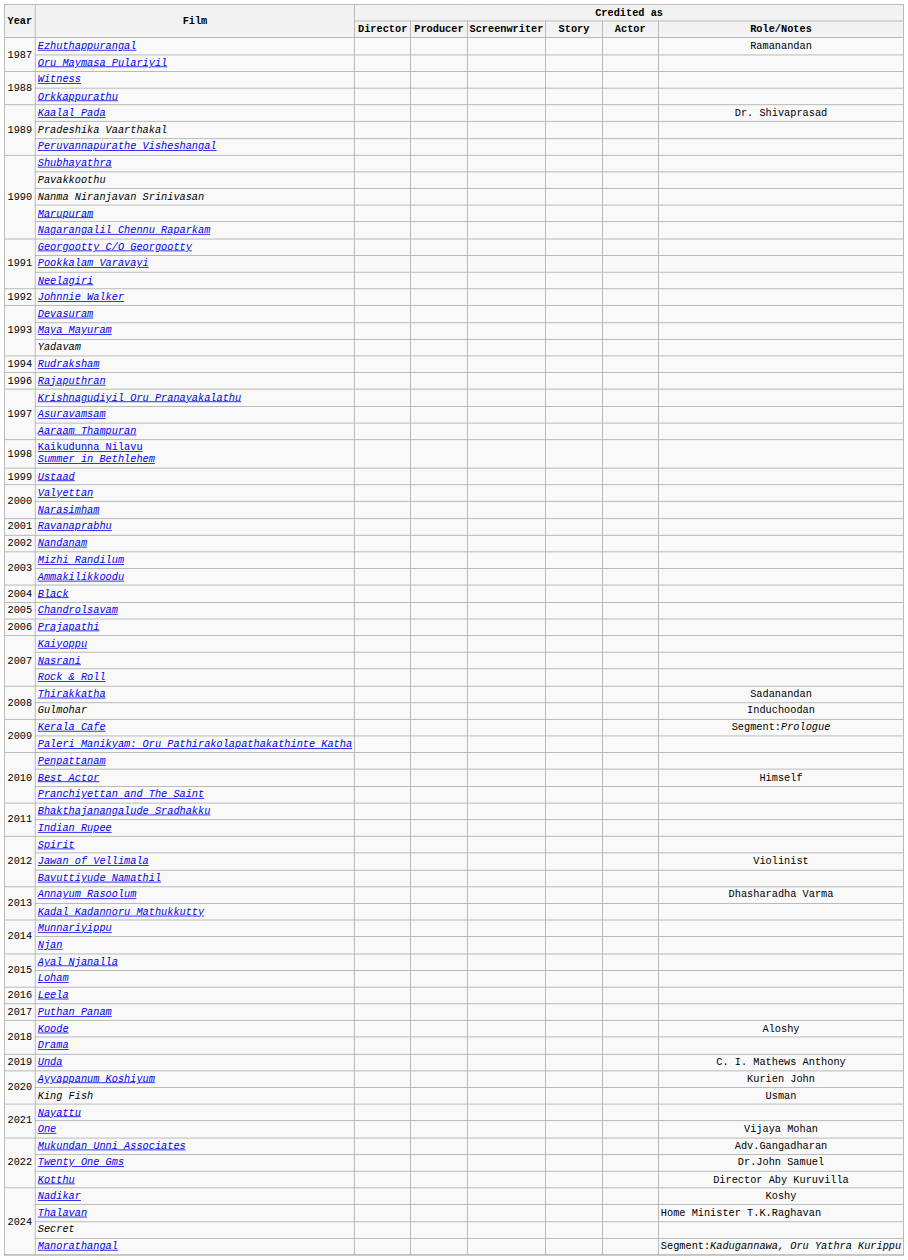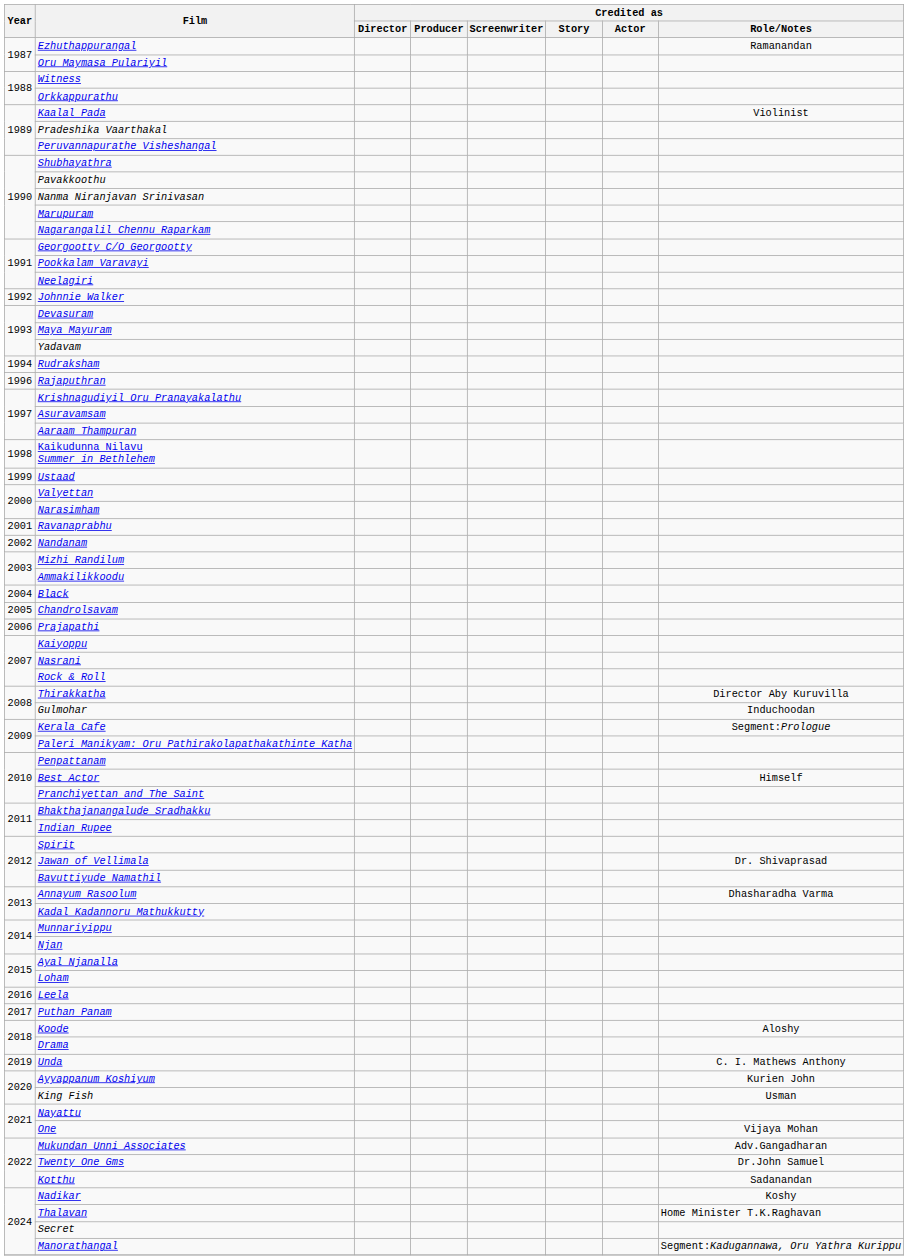 <table class="wikitable sortable">
 <tr>
 <th scope="col" rowspan="2" style="width:33px;">Year</th>
 <th scope="col" rowspan="2">Film</th>
 <th scope="colgroup" colspan="6">Credited as</th>
 </tr>
 <tr>
 <th scope="col" width=65>Director</th>
 <th scope="col" width=65>Producer</th>
 <th scope="col" width=65>Screenwriter</th>
 <th scope="col" width=65>Story</th>
 <th scope="col" width=65>Actor</th>
 <th scope="col">Role/Notes</th>
 </tr>
 <tr style="text-align:center;">
 <td rowspan="2">1987</td>
 <td style="text-align:left;"><em><a href='#'>Ezhuthappurangal</a></em></td>
 <td></td>
 <td></td>
 <td></td>
 <td></td>
 <td></td>
 <td>Ramanandan</td>
 </tr>
 <tr style="text-align:center;">
 <td style="text-align:left;"><em><a href='#'>Oru Maymasa Pulariyil</a></em></td>
 <td></td>
 <td></td>
 <td></td>
 <td></td>
 <td></td>
 <td></td>
 </tr>
 <tr style="text-align:center;">
 <td rowspan="2">1988</td>
 <td style="text-align:left;"><em><a href='#'>Witness</a></em></td>
 <td></td>
 <td></td>
 <td></td>
 <td></td>
 <td></td>
 <td></td>
 </tr>
 <tr>
 <td><em><a href='#'>Orkkappurathu</a></em></td>
 <td></td>
 <td></td>
 <td></td>
 <td></td>
 <td></td>
 <td></td>
 </tr>
 <tr style="text-align:center;">
 <td rowspan="3">1989</td>
 <td style="text-align:left;"><em><a href='#'>Kaalal Pada</a></em></td>
 <td></td>
 <td></td>
 <td></td>
 <td></td>
 <td></td>
-<td>Dr. Shivaprasad</td>
+<td>Violinist</td>
 </tr>
 <tr style="text-align:center;">
 <td style="text-align:left;"><em>Pradeshika Vaarthakal</em></td>
 <td></td>
 <td></td>
 <td></td>
 <td></td>
 <td></td>
 <td></td>
 </tr>
 <tr style="text-align:center;">
 <td style="text-align:left;"><em><a href='#'>Peruvannapurathe Visheshangal</a></em></td>
 <td></td>
 <td></td>
 <td></td>
 <td></td>
 <td></td>
 <td></td>
 </tr>
 <tr style="text-align:center;">
 <td rowspan="5">1990</td>
 <td style="text-align:left;"><em><a href='#'>Shubhayathra</a></em></td>
 <td></td>
 <td></td>
 <td></td>
 <td></td>
 <td></td>
 <td></td>
 </tr>
 <tr style="text-align:center;">
 <td style="text-align:left;"><em>Pavakkoothu</em></td>
 <td></td>
 <td></td>
 <td></td>
 <td></td>
 <td></td>
 <td></td>
 </tr>
 <tr style="text-align:center;">
 <td style="text-align:left;"><em>Nanma Niranjavan Srinivasan</em></td>
 <td></td>
 <td></td>
 <td></td>
 <td></td>
 <td></td>
 <td></td>
 </tr>
 <tr style="text-align:center;">
 <td style="text-align:left;"><em><a href='#'>Marupuram</a></em></td>
 <td></td>
 <td></td>
 <td></td>
 <td></td>
 <td></td>
 <td></td>
 </tr>
 <tr style="text-align:center;">
 <td style="text-align:left;"><em><a href='#'>Nagarangalil Chennu Raparkam</a></em></td>
 <td></td>
 <td></td>
 <td></td>
 <td></td>
 <td></td>
 <td></td>
 </tr>
 <tr style="text-align:center;">
 <td rowspan="3">1991</td>
 <td style="text-align:left;"><em><a href='#'>Georgootty C/O Georgootty</a></em></td>
 <td></td>
 <td></td>
 <td></td>
 <td></td>
 <td></td>
 <td></td>
 </tr>
 <tr style="text-align:center;">
 <td style="text-align:left;"><em><a href='#'>Pookkalam Varavayi</a></em></td>
 <td></td>
 <td></td>
 <td></td>
 <td></td>
 <td></td>
 <td></td>
 </tr>
 <tr style="text-align:center;">
 <td style="text-align:left;"><em><a href='#'>Neelagiri</a></em></td>
 <td></td>
 <td></td>
 <td></td>
 <td></td>
 <td></td>
 <td></td>
 </tr>
 <tr style="text-align:center;">
 <td>1992</td>
 <td style="text-align:left;"><em><a href='#'>Johnnie Walker</a></em></td>
 <td></td>
 <td></td>
 <td></td>
 <td></td>
 <td></td>
 <td></td>
 </tr>
 <tr style="text-align:center;">
 <td rowspan="3">1993</td>
 <td style="text-align:left;"><em><a href='#'>Devasuram</a></em></td>
 <td></td>
 <td></td>
 <td></td>
 <td></td>
 <td></td>
 <td></td>
 </tr>
 <tr style="text-align:center;">
 <td style="text-align:left;"><em><a href='#'>Maya Mayuram</a></em></td>
 <td></td>
 <td></td>
 <td></td>
 <td></td>
 <td></td>
 <td></td>
 </tr>
 <tr style="text-align:center;">
 <td style="text-align:left;"><em>Yadavam</em></td>
 <td></td>
 <td></td>
 <td></td>
 <td></td>
 <td></td>
 <td></td>
 </tr>
 <tr style="text-align:center;">
 <td>1994</td>
 <td style="text-align:left;"><em><a href='#'>Rudraksham</a></em></td>
 <td></td>
 <td></td>
 <td></td>
 <td></td>
 <td></td>
 <td></td>
 </tr>
 <tr style="text-align:center;">
 <td>1996</td>
 <td style="text-align:left;"><em><a href='#'>Rajaputhran</a></em></td>
 <td></td>
 <td></td>
 <td></td>
 <td></td>
 <td></td>
 <td></td>
 </tr>
 <tr style="text-align:center;">
 <td rowspan="3">1997</td>
 <td style="text-align:left;"><em><a href='#'>Krishnagudiyil Oru Pranayakalathu</a></em></td>
 <td></td>
 <td></td>
 <td></td>
 <td></td>
 <td></td>
 <td></td>
 </tr>
 <tr style="text-align:center;">
 <td style="text-align:left;"><em><a href='#'>Asuravamsam</a></em></td>
 <td></td>
 <td></td>
 <td></td>
 <td></td>
 <td></td>
 <td></td>
 </tr>
 <tr style="text-align:center;">
 <td style="text-align:left;"><em><a href='#'>Aaraam Thampuran</a></em></td>
 <td></td>
 <td></td>
 <td></td>
 <td></td>
 <td></td>
 <td></td>
 </tr>
 <tr style="text-align:center;">
 <td>1998</td>
 <td style="text-align:left;"><a href='#'>Kaikudunna Nilavu</a><br><em><a href='#'>Summer in Bethlehem</a></em></td>
 <td></td>
 <td></td>
 <td></td>
 <td></td>
 <td></td>
 <td></td>
 </tr>
 <tr style="text-align:center;">
 <td>1999</td>
 <td style="text-align:left;"><em><a href='#'>Ustaad</a></em></td>
 <td></td>
 <td></td>
 <td></td>
 <td></td>
 <td></td>
 <td></td>
 </tr>
 <tr style="text-align:center;">
 <td rowspan="2">2000</td>
 <td style="text-align:left;"><em><a href='#'>Valyettan</a></em></td>
 <td></td>
 <td></td>
 <td></td>
 <td></td>
 <td></td>
 <td></td>
 </tr>
 <tr style="text-align:center;">
 <td style="text-align:left;"><em> <a href='#'>Narasimham</a></em></td>
 <td></td>
 <td></td>
 <td></td>
 <td></td>
 <td></td>
 <td></td>
 </tr>
 <tr style="text-align:center;">
 <td>2001</td>
 <td style="text-align:left;"><em><a href='#'>Ravanaprabhu</a></em></td>
 <td></td>
 <td></td>
 <td></td>
 <td></td>
 <td></td>
 <td></td>
 </tr>
 <tr style="text-align:center;">
 <td>2002</td>
 <td style="text-align:left;"><em><a href='#'>Nandanam</a></em></td>
 <td></td>
 <td></td>
 <td></td>
 <td></td>
 <td></td>
 <td></td>
 </tr>
 <tr style="text-align:center;">
 <td rowspan="2">2003</td>
 <td style="text-align:left;"><em><a href='#'>Mizhi Randilum</a> </em></td>
 <td></td>
 <td></td>
 <td></td>
 <td></td>
 <td></td>
 <td></td>
 </tr>
 <tr style="text-align:center;">
 <td style="text-align:left;"><em><a href='#'>Ammakilikkoodu</a></em></td>
 <td></td>
 <td></td>
 <td></td>
 <td></td>
 <td></td>
 <td></td>
 </tr>
 <tr style="text-align:center;">
 <td>2004</td>
 <td style="text-align:left;"><em><a href='#'>Black</a></em></td>
 <td></td>
 <td></td>
 <td></td>
 <td></td>
 <td></td>
 <td></td>
 </tr>
 <tr style="text-align:center;">
 <td>2005</td>
 <td style="text-align:left;"><em><a href='#'>Chandrolsavam</a></em></td>
 <td></td>
 <td></td>
 <td></td>
 <td></td>
 <td></td>
 <td></td>
 </tr>
 <tr style="text-align:center;">
 <td>2006</td>
 <td style="text-align:left;"><em><a href='#'>Prajapathi</a></em></td>
 <td></td>
 <td></td>
 <td></td>
 <td></td>
 <td></td>
 <td></td>
 </tr>
 <tr style="text-align:center;">
 <td rowspan="3">2007</td>
 <td style="text-align:left;"><em><a href='#'>Kaiyoppu</a></em></td>
 <td></td>
 <td></td>
 <td></td>
 <td></td>
 <td></td>
 <td></td>
 </tr>
 <tr style="text-align:center;">
 <td style="text-align:left;"><em><a href='#'>Nasrani</a></em></td>
 <td></td>
 <td></td>
 <td></td>
 <td></td>
 <td></td>
 <td></td>
 </tr>
 <tr style="text-align:center;">
 <td style="text-align:left;"><em><a href='#'>Rock & Roll</a></em></td>
 <td></td>
 <td></td>
 <td></td>
 <td></td>
 <td></td>
 <td></td>
 </tr>
 <tr style="text-align:center;">
 <td rowspan="2">2008</td>
 <td style="text-align:left;"><em><a href='#'>Thirakkatha</a></em></td>
 <td></td>
 <td></td>
 <td></td>
 <td></td>
 <td></td>
-<td>Sadanandan</td>
+<td>Director Aby Kuruvilla</td>
 </tr>
 <tr style="text-align:center;">
 <td style="text-align:left;"><em>Gulmohar</em></td>
 <td></td>
 <td></td>
 <td></td>
 <td></td>
 <td></td>
 <td>Induchoodan</td>
 </tr>
 <tr style="text-align:center;">
 <td rowspan="2">2009</td>
 <td style="text-align:left;"><em><a href='#'>Kerala Cafe</a></em></td>
 <td></td>
 <td></td>
 <td></td>
 <td></td>
 <td></td>
 <td>Segment:<em>Prologue</em></td>
 </tr>
 <tr style="text-align:center;">
 <td style="text-align:left;"><em><a href='#'>Paleri Manikyam: Oru Pathirakolapathakathinte Katha</a></em></td>
 <td></td>
 <td></td>
 <td></td>
 <td></td>
 <td></td>
 <td></td>
 </tr>
 <tr style="text-align:center;">
 <td rowspan="3">2010</td>
 <td style="text-align:left;"><em><a href='#'>Penpattanam</a></em></td>
 <td></td>
 <td></td>
 <td></td>
 <td></td>
 <td></td>
 <td></td>
 </tr>
 <tr style="text-align:center;">
 <td style="text-align:left;"><em><a href='#'>Best Actor</a></em></td>
 <td></td>
 <td></td>
 <td></td>
 <td></td>
 <td></td>
 <td>Himself</td>
 </tr>
 <tr style="text-align:center;">
 <td style="text-align:left;"><em><a href='#'>Pranchiyettan and The Saint</a></em></td>
 <td></td>
 <td></td>
 <td></td>
 <td></td>
 <td></td>
 <td></td>
 </tr>
 <tr style="text-align:center;">
 <td rowspan="2">2011</td>
 <td style="text-align:left;"><em><a href='#'>Bhakthajanangalude Sradhakku</a></em></td>
 <td></td>
 <td></td>
 <td></td>
 <td></td>
 <td></td>
 <td></td>
 </tr>
 <tr style="text-align:center;">
 <td style="text-align:left;"><em><a href='#'>Indian Rupee</a></em></td>
 <td></td>
 <td></td>
 <td></td>
 <td></td>
 <td></td>
 <td></td>
 </tr>
 <tr style="text-align:center;">
 <td rowspan="3">2012</td>
 <td style="text-align:left;"><em><a href='#'>Spirit</a></em></td>
 <td></td>
 <td></td>
 <td></td>
 <td></td>
 <td></td>
 <td></td>
 </tr>
 <tr style="text-align:center;">
 <td style="text-align:left;"><em><a href='#'>Jawan of Vellimala</a></em></td>
 <td></td>
 <td></td>
 <td></td>
 <td></td>
 <td></td>
-<td>Violinist</td>
+<td>Dr. Shivaprasad</td>
 </tr>
 <tr style="text-align:center;">
 <td style="text-align:left;"><em><a href='#'>Bavuttiyude Namathil</a></em></td>
 <td></td>
 <td></td>
 <td></td>
 <td></td>
 <td></td>
 <td></td>
 </tr>
 <tr style="text-align:center;">
 <td rowspan="2">2013</td>
 <td style="text-align:left;"><em><a href='#'>Annayum Rasoolum</a></em></td>
 <td></td>
 <td></td>
 <td></td>
 <td></td>
 <td></td>
 <td>Dhasharadha Varma</td>
 </tr>
 <tr style="text-align:center;">
 <td style="text-align:left;"><em><a href='#'>Kadal Kadannoru Mathukkutty</a></em></td>
 <td></td>
 <td></td>
 <td></td>
 <td></td>
 <td></td>
 <td></td>
 </tr>
 <tr style="text-align:center;">
 <td rowspan="2">2014</td>
 <td style="text-align:left;"><em><a href='#'>Munnariyippu</a></em></td>
 <td></td>
 <td></td>
 <td></td>
 <td></td>
 <td></td>
 <td></td>
 </tr>
 <tr style="text-align:center;">
 <td style="text-align:left;"><em><a href='#'>Njan</a></em></td>
 <td></td>
 <td></td>
 <td></td>
 <td></td>
 <td></td>
 <td></td>
 </tr>
 <tr style="text-align:center;">
 <td rowspan="2">2015</td>
 <td style="text-align:left;"><em><a href='#'>Ayal Njanalla</a></em></td>
 <td></td>
 <td></td>
 <td></td>
 <td></td>
 <td></td>
 <td></td>
 </tr>
 <tr style="text-align:center;">
 <td style="text-align:left;"><em><a href='#'>Loham</a></em></td>
 <td></td>
 <td></td>
 <td></td>
 <td></td>
 <td></td>
 <td></td>
 </tr>
 <tr style="text-align:center;">
 <td align="centre">2016</td>
 <td style="text-align:left;"><em><a href='#'>Leela</a></em></td>
 <td></td>
 <td></td>
 <td></td>
 <td></td>
 <td></td>
 <td></td>
 </tr>
 <tr style="text-align:center;">
 <td align="centre">2017</td>
 <td style="text-align:left;"><em><a href='#'>Puthan Panam</a></em></td>
 <td></td>
 <td></td>
 <td></td>
 <td></td>
 <td></td>
 <td></td>
 </tr>
 <tr style="text-align:center;">
 <td align="centre" rowspan=2>2018</td>
 <td style="text-align:left;"><em><a href='#'>Koode</a></em></td>
 <td></td>
 <td></td>
 <td></td>
 <td></td>
 <td></td>
 <td>Aloshy</td>
 </tr>
 <tr style="text-align:center;">
 <td style="text-align:left;"><em><a href='#'>Drama</a></em></td>
 <td></td>
 <td></td>
 <td></td>
 <td></td>
 <td></td>
 <td></td>
 </tr>
 <tr style="text-align:center;">
 <td align="centre">2019</td>
 <td style="text-align:left;"><em><a href='#'>Unda</a></em></td>
 <td></td>
 <td></td>
 <td></td>
 <td></td>
 <td></td>
 <td>C. I. Mathews Anthony</td>
 </tr>
 <tr style="text-align:center;">
 <td rowspan="2">2020</td>
 <td style="text-align:left;"><em><a href='#'>Ayyappanum Koshiyum</a></em></td>
 <td></td>
 <td></td>
 <td></td>
 <td></td>
 <td></td>
 <td>Kurien John</td>
 </tr>
 <tr style="text-align:center;">
 <td style="text-align:left;"><em>King Fish</em></td>
 <td></td>
 <td></td>
 <td></td>
 <td></td>
 <td></td>
 <td>Usman</td>
 </tr>
 <tr style="text-align:center;">
 <td rowspan="2">2021</td>
 <td style="text-align:left;"><em><a href='#'>Nayattu</a></em></td>
 <td></td>
 <td></td>
 <td></td>
 <td></td>
 <td></td>
 <td></td>
 </tr>
 <tr style="text-align:center;">
 <td style="text-align:left;"><em><a href='#'>One</a></em></td>
 <td></td>
 <td></td>
 <td></td>
 <td></td>
 <td></td>
 <td>Vijaya Mohan</td>
 </tr>
 <tr style="text-align:center;">
 <td rowspan="3">2022</td>
 <td style="text-align:left;"><em><a href='#'>Mukundan Unni Associates</a></em></td>
 <td></td>
 <td></td>
 <td></td>
 <td></td>
 <td></td>
 <td>Adv.Gangadharan</td>
 </tr>
 <tr style="text-align:center;">
 <td style="text-align:left;"><em><a href='#'>Twenty One Gms</a></em></td>
 <td></td>
 <td></td>
 <td></td>
 <td></td>
 <td></td>
 <td>Dr.John Samuel</td>
 </tr>
 <tr style="text-align:center;">
 <td style="text-align:left;"><em><a href='#'>Kotthu</a></em></td>
 <td></td>
 <td></td>
 <td></td>
 <td></td>
 <td></td>
-<td>Director Aby Kuruvilla</td>
+<td>Sadanandan</td>
 </tr>
 <tr style="text-align:center;">
 <td rowspan=4>2024</td>
 <td style="text-align:left;"><em><a href='#'>Nadikar</a></em></td>
 <td></td>
 <td></td>
 <td></td>
 <td></td>
 <td></td>
 <td>Koshy</td>
 </tr>
 <tr>
 <td style="text-align:left;"><em><a href='#'>Thalavan</a></em></td>
 <td></td>
 <td></td>
 <td></td>
 <td></td>
 <td></td>
 <td>Home Minister T.K.Raghavan</td>
 </tr>
 <tr>
 <td><em>Secret</em></td>
 <td></td>
 <td></td>
 <td></td>
 <td></td>
 <td></td>
 <td></td>
 </tr>
 <tr>
 <td><em><a href='#'>Manorathangal</a></em></td>
 <td></td>
 <td></td>
 <td></td>
 <td></td>
 <td></td>
 <td>Segment:<em>Kadugannawa, Oru Yathra Kurippu</em></td>
 </tr>
 <tr>
 </tr>
 </table>
